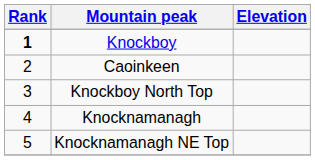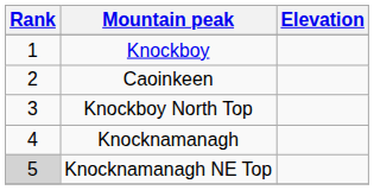 <table class="wikitable sortable" style="text-align:center;">
 <tr>
 <th><a href='#'>Rank</a></th>
 <th><a href='#'>Mountain peak</a></th>
 <th><a href='#'>Elevation</a></th>
 </tr>
 <tr>
 </tr>
 <tr valign="left">
 </tr>
 <tr>
-<td><strong>1</strong></td>
+<td>1</td>
 <td><a href='#'>Knockboy</a></td>
 <td></td>
 </tr>
 <tr>
 <td>2</td>
 <td>Caoinkeen</td>
 <td></td>
 </tr>
 <tr>
 <td>3</td>
 <td>Knockboy North Top</td>
 <td></td>
 </tr>
 <tr>
 <td>4</td>
 <td>Knocknamanagh</td>
 <td></td>
 </tr>
 <tr>
-<td>5</td>
+<td style="background: lightgrey;">5</td>
 <td>Knocknamanagh NE Top</td>
 <td></td>
 </tr>
 <tr>
 </tr>
 </table>
